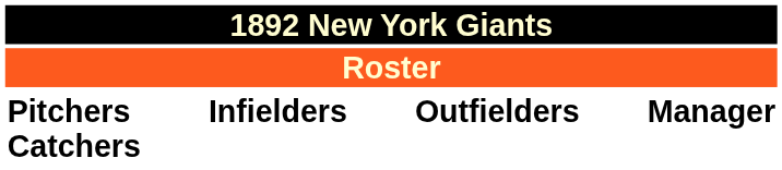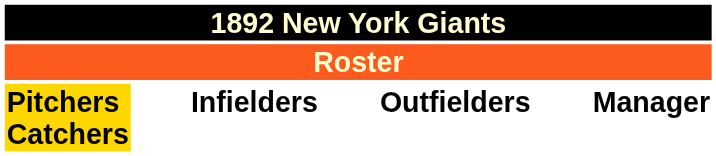 <table class="toccolours" style="font-size: 95%;">
 <tr>
 <th colspan="10" style="background-color: black; color: #FFFDD0; text-align: center;">1892 New York Giants</th>
 </tr>
 <tr>
 <td colspan="10" style="background-color: #fd5a1e; color: #FFFDD0; text-align: center;"><strong>Roster</strong></td>
 </tr>
 <tr>
-<td valign="top"><strong>Pitchers</strong><br>    <strong>Catchers</strong>  </td>
+<td valign="top" style="background: gold;"><strong>Pitchers</strong><br>    <strong>Catchers</strong>  </td>
 <td width="25px"></td>
 <td valign="top"><strong>Infielders</strong><br>         </td>
 <td width="25px"></td>
 <td valign="top"><strong>Outfielders</strong><br>      </td>
 <td width="25px"></td>
 <td valign="top"><strong>Manager</strong><br></td>
 </tr>
 </table>
